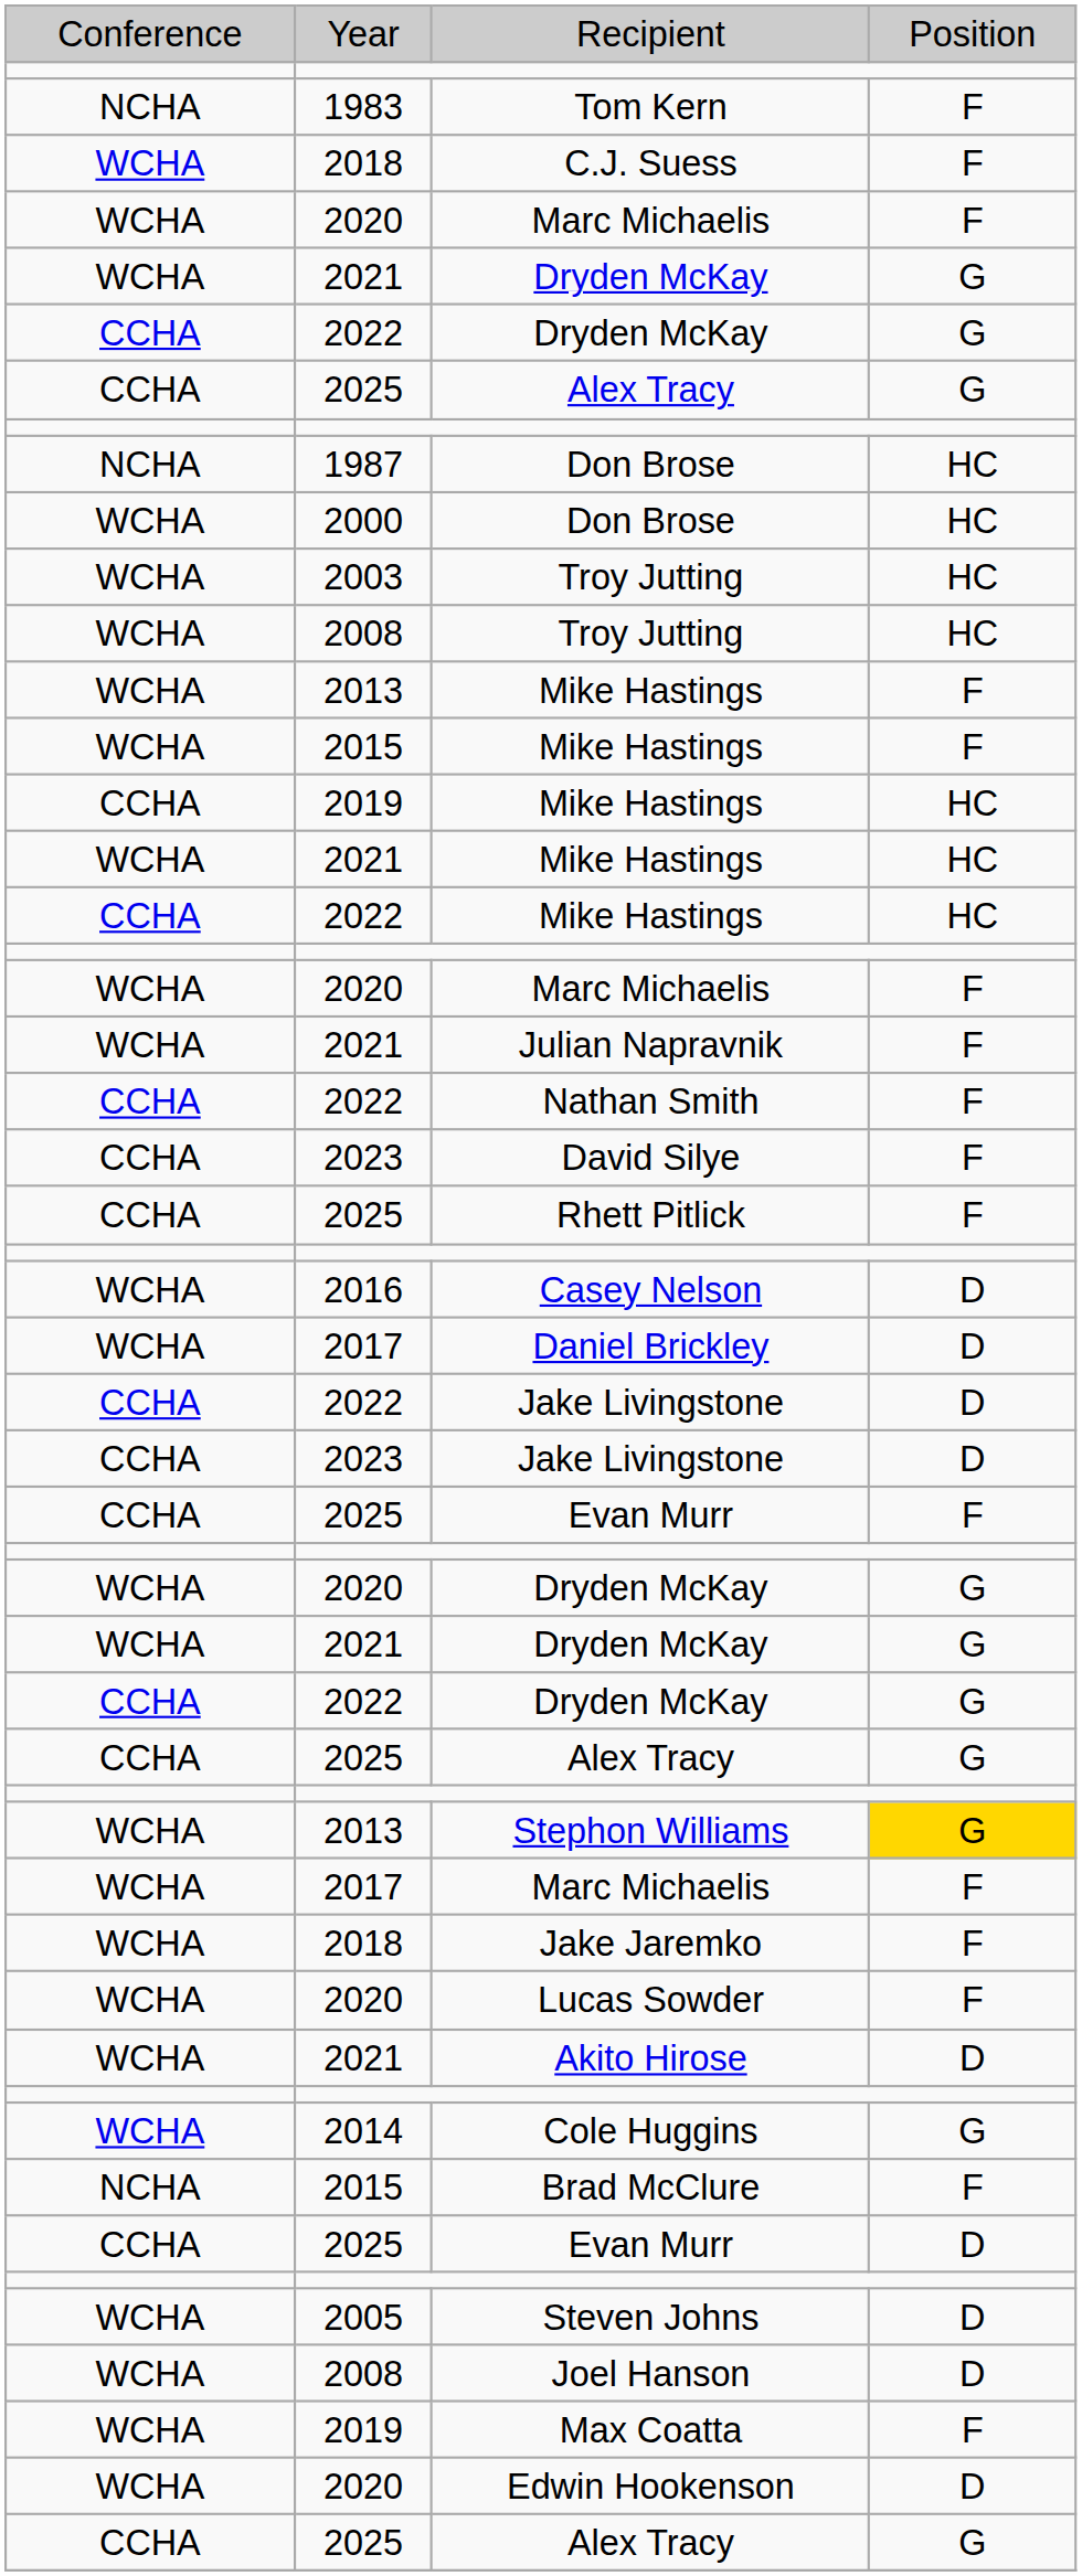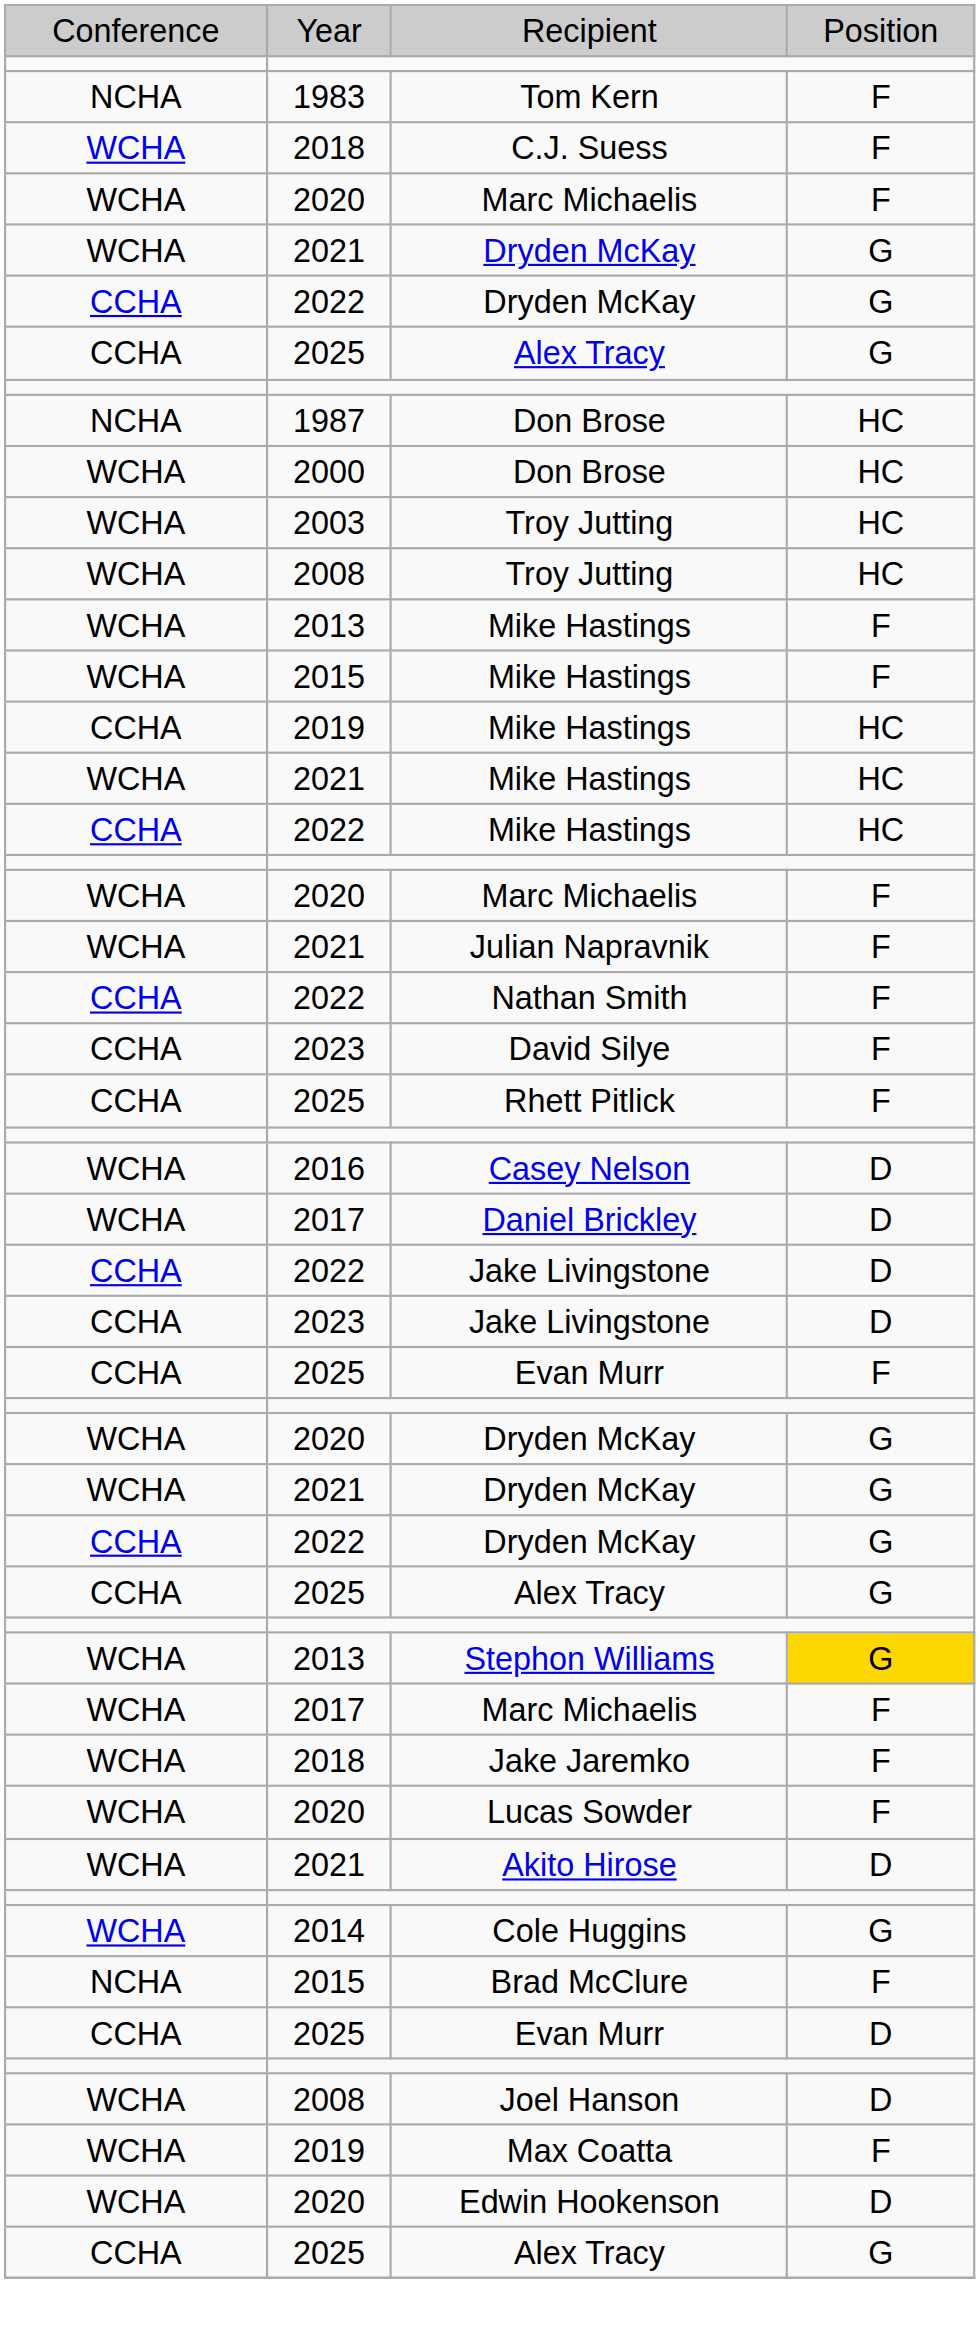 <table class="wikitable"; style="text-align:center; font-size: 95%; width:30em">
 <tr>
 <td style="background:#cccccc;">Conference</td>
 <td style="background:#cccccc;">Year</td>
 <td style="background:#cccccc;">Recipient</td>
 <td style="background:#cccccc;">Position</td>
 </tr>
 <tr>
 <td></td>
 </tr>
 <tr>
 <td>NCHA</td>
 <td>1983</td>
 <td>Tom Kern</td>
 <td>F</td>
 </tr>
 <tr>
 <td><a href='#'>WCHA</a></td>
 <td>2018</td>
 <td>C.J. Suess</td>
 <td>F</td>
 </tr>
 <tr>
 <td>WCHA</td>
 <td>2020</td>
 <td>Marc Michaelis</td>
 <td>F</td>
 </tr>
 <tr>
 <td>WCHA</td>
 <td>2021</td>
 <td><a href='#'>Dryden McKay</a></td>
 <td>G</td>
 </tr>
 <tr>
 <td><a href='#'>CCHA</a></td>
 <td>2022</td>
 <td>Dryden McKay</td>
 <td>G</td>
 </tr>
 <tr>
 <td>CCHA</td>
 <td>2025</td>
 <td><a href='#'>Alex Tracy</a></td>
 <td>G</td>
 </tr>
 <tr>
 <td></td>
 </tr>
 <tr>
 <td>NCHA</td>
 <td>1987</td>
 <td>Don Brose</td>
 <td>HC</td>
 </tr>
 <tr>
 <td>WCHA</td>
 <td>2000</td>
 <td>Don Brose</td>
 <td>HC</td>
 </tr>
 <tr>
 <td>WCHA</td>
 <td>2003</td>
 <td>Troy Jutting</td>
 <td>HC</td>
 </tr>
 <tr>
 <td>WCHA</td>
 <td>2008</td>
 <td>Troy Jutting</td>
 <td>HC</td>
 </tr>
 <tr>
 <td>WCHA</td>
 <td>2013</td>
 <td>Mike Hastings</td>
 <td>F</td>
 </tr>
 <tr>
 <td>WCHA</td>
 <td>2015</td>
 <td>Mike Hastings</td>
 <td>F</td>
 </tr>
 <tr>
 <td>CCHA</td>
 <td>2019</td>
 <td>Mike Hastings</td>
 <td>HC</td>
 </tr>
 <tr>
 <td>WCHA</td>
 <td>2021</td>
 <td>Mike Hastings</td>
 <td>HC</td>
 </tr>
 <tr>
 <td><a href='#'>CCHA</a></td>
 <td>2022</td>
 <td>Mike Hastings</td>
 <td>HC</td>
 </tr>
 <tr>
 <td></td>
 </tr>
 <tr>
 <td>WCHA</td>
 <td>2020</td>
 <td>Marc Michaelis</td>
 <td>F</td>
 </tr>
 <tr>
 <td>WCHA</td>
 <td>2021</td>
 <td>Julian Napravnik</td>
 <td>F</td>
 </tr>
 <tr>
 <td><a href='#'>CCHA</a></td>
 <td>2022</td>
 <td>Nathan Smith</td>
 <td>F</td>
 </tr>
 <tr>
 <td>CCHA</td>
 <td>2023</td>
 <td>David Silye</td>
 <td>F</td>
 </tr>
 <tr>
 <td>CCHA</td>
 <td>2025</td>
 <td>Rhett Pitlick</td>
 <td>F</td>
 </tr>
 <tr>
 <td></td>
 </tr>
 <tr>
 <td>WCHA</td>
 <td>2016</td>
 <td><a href='#'>Casey Nelson</a></td>
 <td>D</td>
 </tr>
 <tr>
 <td>WCHA</td>
 <td>2017</td>
 <td><a href='#'>Daniel Brickley</a></td>
 <td>D</td>
 </tr>
 <tr>
 <td><a href='#'>CCHA</a></td>
 <td>2022</td>
 <td>Jake Livingstone</td>
 <td>D</td>
 </tr>
 <tr>
 <td>CCHA</td>
 <td>2023</td>
 <td>Jake Livingstone</td>
 <td>D</td>
 </tr>
 <tr>
 <td>CCHA</td>
 <td>2025</td>
 <td>Evan Murr</td>
 <td>F</td>
 </tr>
 <tr>
 <td></td>
 </tr>
 <tr>
 <td>WCHA</td>
 <td>2020</td>
 <td>Dryden McKay</td>
 <td>G</td>
 </tr>
 <tr>
 <td>WCHA</td>
 <td>2021</td>
 <td>Dryden McKay</td>
 <td>G</td>
 </tr>
 <tr>
 <td><a href='#'>CCHA</a></td>
 <td>2022</td>
 <td>Dryden McKay</td>
 <td>G</td>
 </tr>
 <tr>
 <td>CCHA</td>
 <td>2025</td>
 <td>Alex Tracy</td>
 <td>G</td>
 </tr>
 <tr>
 <td></td>
 </tr>
 <tr>
 <td>WCHA</td>
 <td>2013</td>
 <td><a href='#'>Stephon Williams</a></td>
 <td style="background: gold;">G</td>
 </tr>
 <tr>
 <td>WCHA</td>
 <td>2017</td>
 <td>Marc Michaelis</td>
 <td>F</td>
 </tr>
 <tr>
 <td>WCHA</td>
 <td>2018</td>
 <td>Jake Jaremko</td>
 <td>F</td>
 </tr>
 <tr>
 <td>WCHA</td>
 <td>2020</td>
 <td>Lucas Sowder</td>
 <td>F</td>
 </tr>
 <tr>
 <td>WCHA</td>
 <td>2021</td>
 <td><a href='#'>Akito Hirose</a></td>
 <td>D</td>
 </tr>
 <tr>
 <td></td>
 </tr>
 <tr>
 <td><a href='#'>WCHA</a></td>
 <td>2014</td>
 <td>Cole Huggins</td>
 <td>G</td>
 </tr>
 <tr>
 <td>NCHA</td>
 <td>2015</td>
 <td>Brad McClure</td>
 <td>F</td>
 </tr>
 <tr>
 <td>CCHA</td>
 <td>2025</td>
 <td>Evan Murr</td>
 <td>D</td>
 </tr>
 <tr>
 <td></td>
 </tr>
 <tr>
 <td>WCHA</td>
-<td>2005</td>
-<td>Steven Johns</td>
-<td>D</td>
-</tr>
-<tr>
-<td>WCHA</td>
 <td>2008</td>
 <td>Joel Hanson</td>
 <td>D</td>
 </tr>
 <tr>
 <td>WCHA</td>
 <td>2019</td>
 <td>Max Coatta</td>
 <td>F</td>
 </tr>
 <tr>
 <td>WCHA</td>
 <td>2020</td>
 <td>Edwin Hookenson</td>
 <td>D</td>
 </tr>
 <tr>
 <td>CCHA</td>
 <td>2025</td>
 <td>Alex Tracy</td>
 <td>G</td>
 </tr>
 <tr>
 </tr>
 </table>
